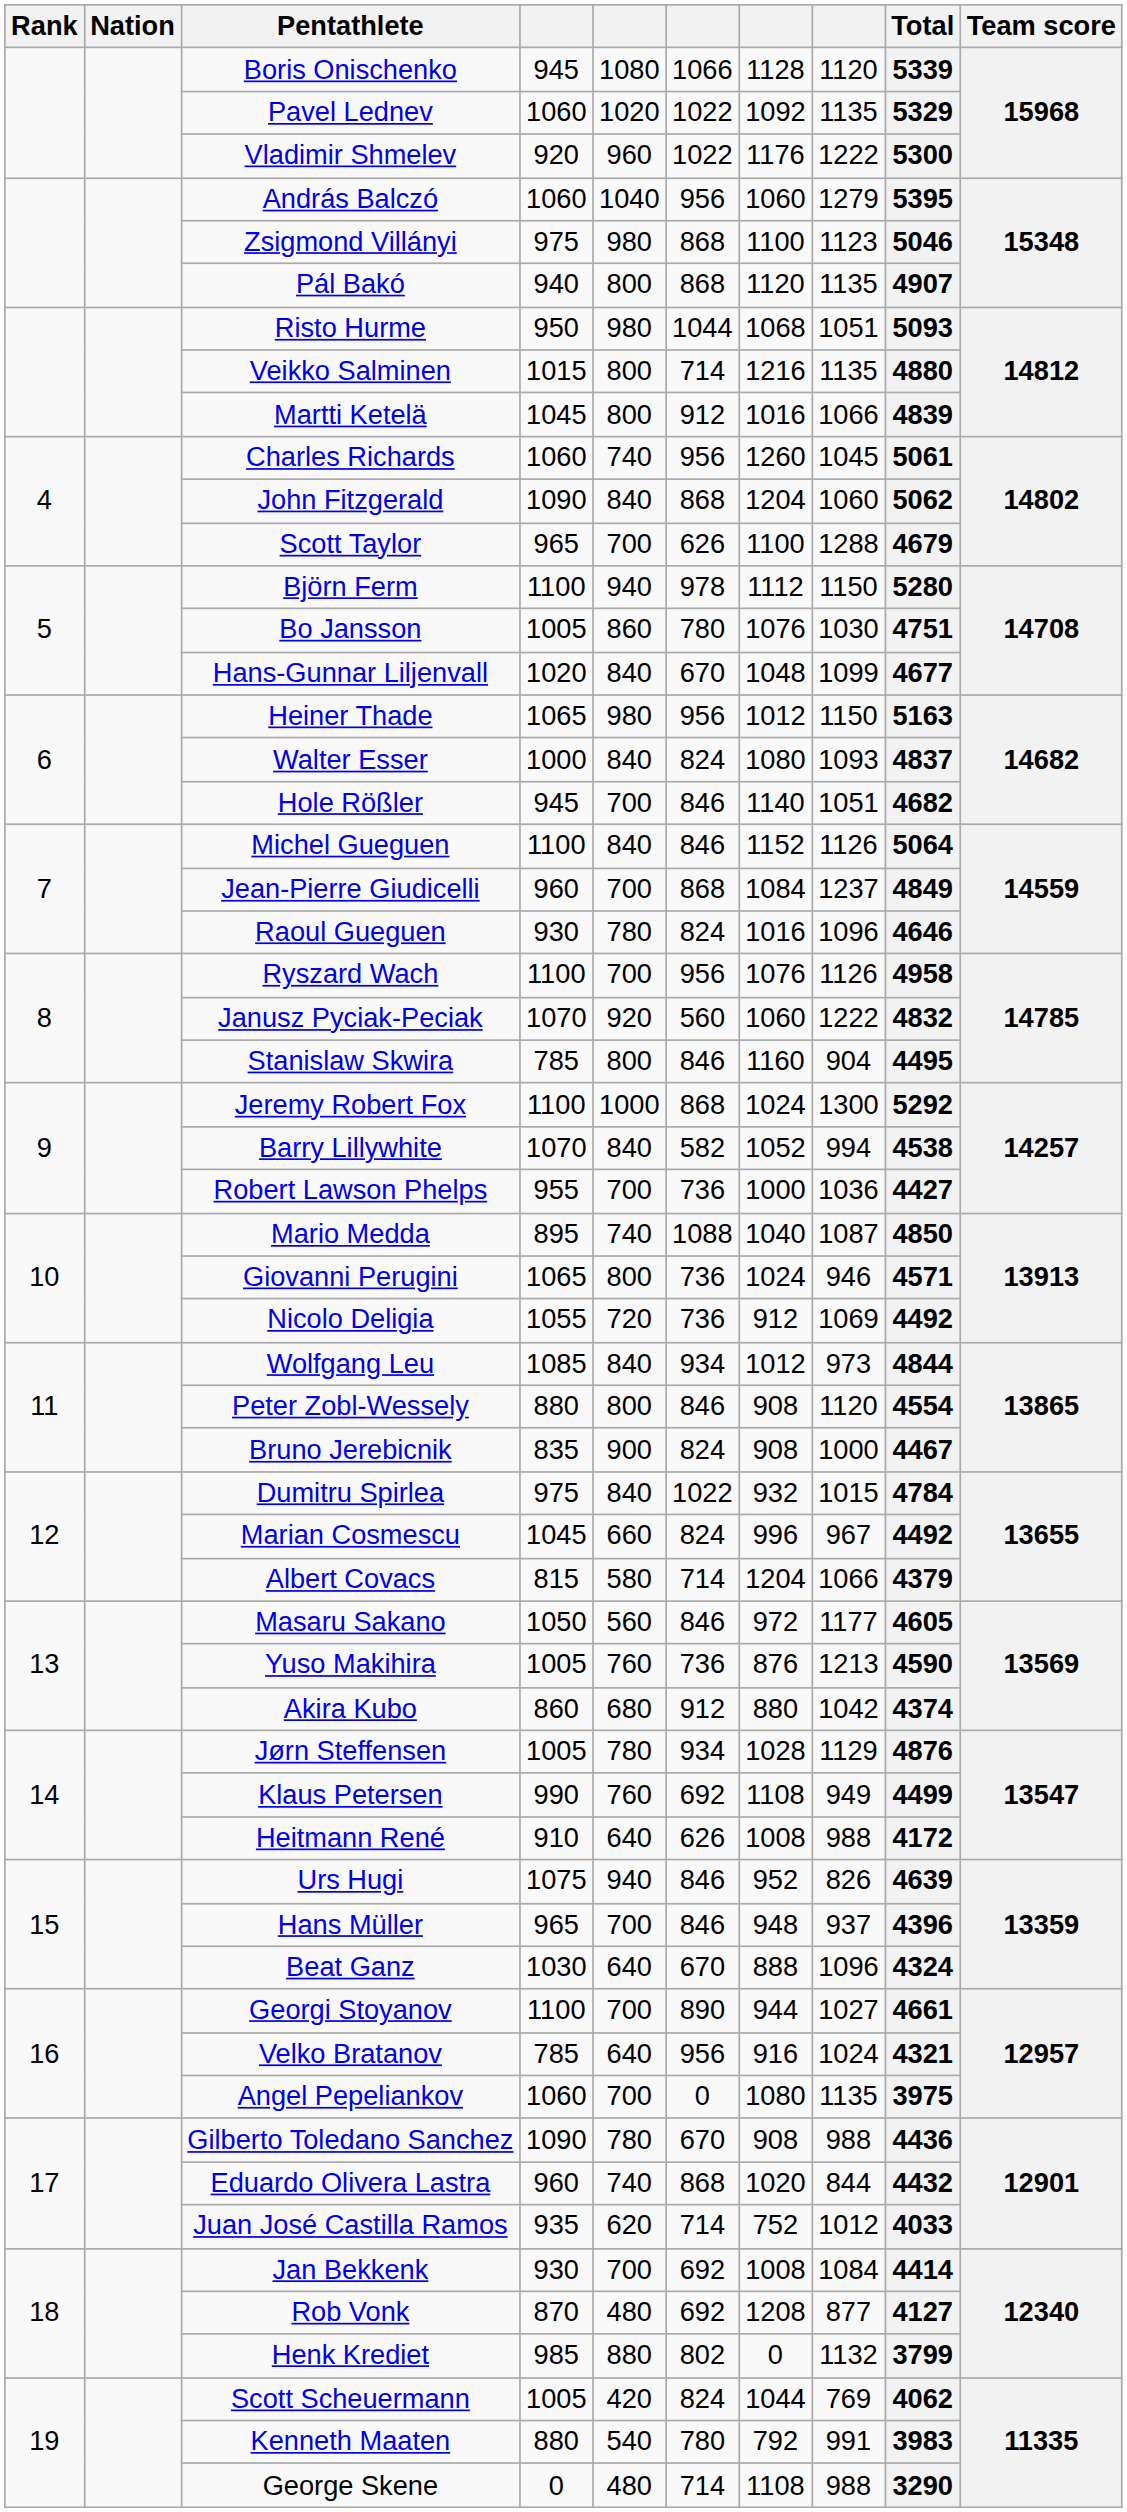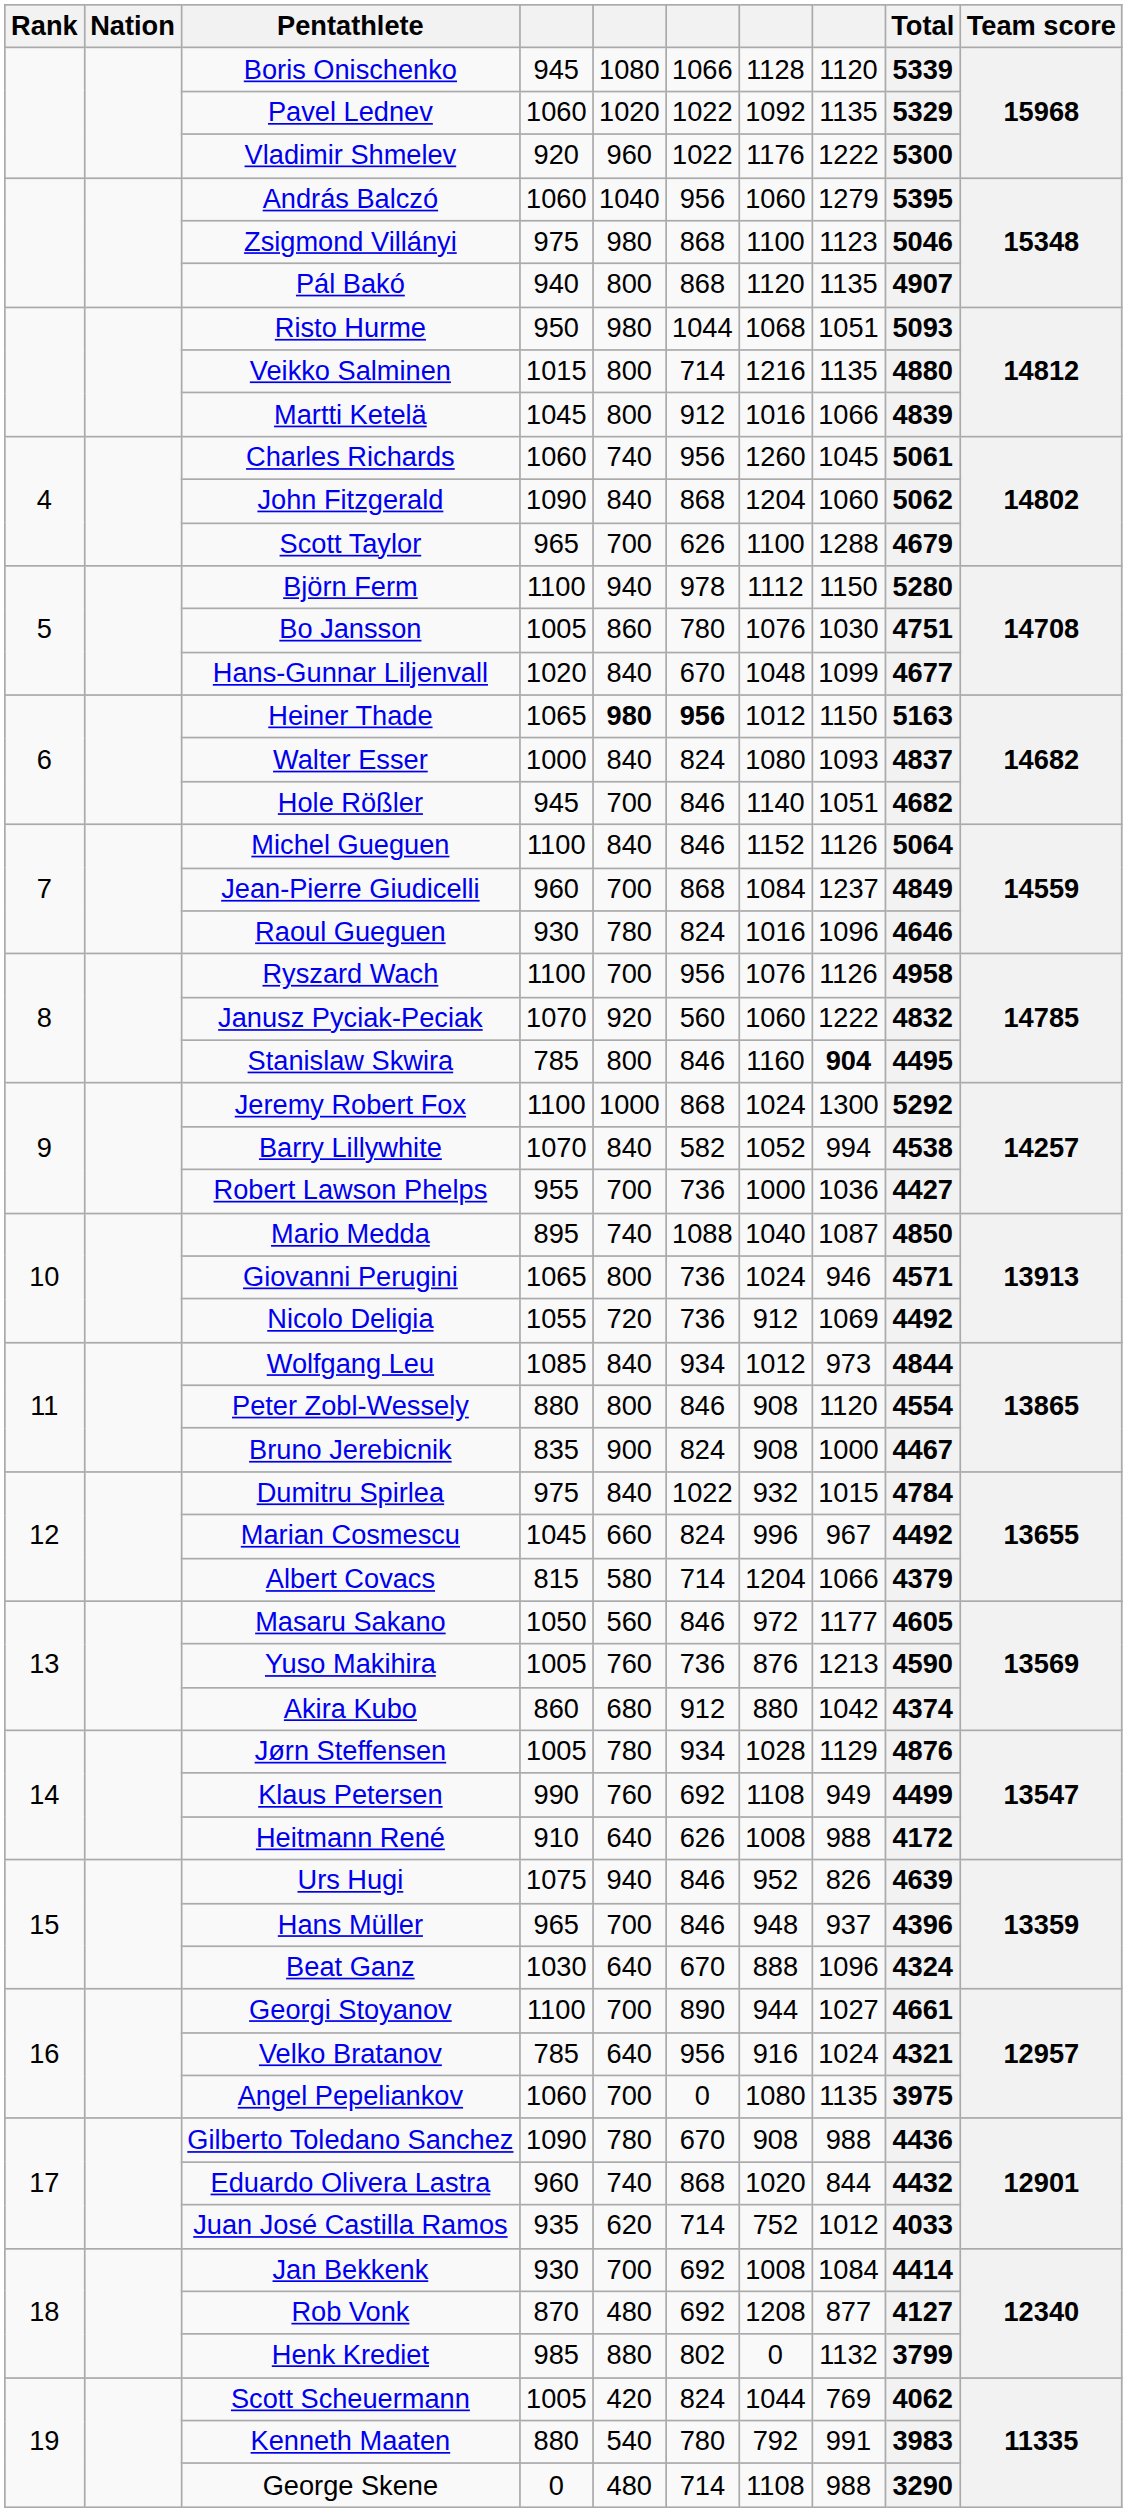 <table class="wikitable sortable" style=text-align:center>
 <tr>
 <th>Rank</th>
 <th>Nation</th>
 <th>Pentathlete</th>
 <th></th>
 <th></th>
 <th></th>
 <th></th>
 <th></th>
 <th>Total</th>
 <th>Team score</th>
 </tr>
 <tr>
 <td rowspan="3"></td>
 <td rowspan="3"></td>
 <td><a href='#'>Boris Onischenko</a></td>
 <td>945</td>
 <td>1080</td>
 <td>1066</td>
 <td>1128</td>
 <td>1120</td>
 <th>5339</th>
 <th rowspan="3">15968</th>
 </tr>
 <tr>
 <td><a href='#'>Pavel Lednev</a></td>
 <td>1060</td>
 <td>1020</td>
 <td>1022</td>
 <td>1092</td>
 <td>1135</td>
 <th>5329</th>
 </tr>
 <tr>
 <td><a href='#'>Vladimir Shmelev</a></td>
 <td>920</td>
 <td>960</td>
 <td>1022</td>
 <td>1176</td>
 <td>1222</td>
 <th>5300</th>
 </tr>
 <tr>
 <td rowspan="3"></td>
 <td rowspan="3"></td>
 <td><a href='#'>András Balczó</a></td>
 <td>1060</td>
 <td>1040</td>
 <td>956</td>
 <td>1060</td>
 <td>1279</td>
 <th>5395</th>
 <th rowspan="3">15348</th>
 </tr>
 <tr>
 <td><a href='#'>Zsigmond Villányi</a></td>
 <td>975</td>
 <td>980</td>
 <td>868</td>
 <td>1100</td>
 <td>1123</td>
 <th>5046</th>
 </tr>
 <tr>
 <td><a href='#'>Pál Bakó</a></td>
 <td>940</td>
 <td>800</td>
 <td>868</td>
 <td>1120</td>
 <td>1135</td>
 <th>4907</th>
 </tr>
 <tr>
 <td rowspan="3"></td>
 <td rowspan="3"></td>
 <td><a href='#'>Risto Hurme</a></td>
 <td>950</td>
 <td>980</td>
 <td>1044</td>
 <td>1068</td>
 <td>1051</td>
 <th>5093</th>
 <th rowspan="3">14812</th>
 </tr>
 <tr>
 <td><a href='#'>Veikko Salminen</a></td>
 <td>1015</td>
 <td>800</td>
 <td>714</td>
 <td>1216</td>
 <td>1135</td>
 <th>4880</th>
 </tr>
 <tr>
 <td><a href='#'>Martti Ketelä</a></td>
 <td>1045</td>
 <td>800</td>
 <td>912</td>
 <td>1016</td>
 <td>1066</td>
 <th>4839</th>
 </tr>
 <tr>
 <td rowspan="3">4</td>
 <td rowspan="3"></td>
 <td><a href='#'>Charles Richards</a></td>
 <td>1060</td>
 <td>740</td>
 <td>956</td>
 <td>1260</td>
 <td>1045</td>
 <th>5061</th>
 <th rowspan="3">14802</th>
 </tr>
 <tr>
 <td><a href='#'>John Fitzgerald</a></td>
 <td>1090</td>
 <td>840</td>
 <td>868</td>
 <td>1204</td>
 <td>1060</td>
 <th>5062</th>
 </tr>
 <tr>
 <td><a href='#'>Scott Taylor</a></td>
 <td>965</td>
 <td>700</td>
 <td>626</td>
 <td>1100</td>
 <td>1288</td>
 <th>4679</th>
 </tr>
 <tr>
 <td rowspan="3">5</td>
 <td rowspan="3"></td>
 <td><a href='#'>Björn Ferm</a></td>
 <td>1100</td>
 <td>940</td>
 <td>978</td>
 <td>1112</td>
 <td>1150</td>
 <th>5280</th>
 <th rowspan="3">14708</th>
 </tr>
 <tr>
 <td><a href='#'>Bo Jansson</a></td>
 <td>1005</td>
 <td>860</td>
 <td>780</td>
 <td>1076</td>
 <td>1030</td>
 <th>4751</th>
 </tr>
 <tr>
 <td><a href='#'>Hans-Gunnar Liljenvall</a></td>
 <td>1020</td>
 <td>840</td>
 <td>670</td>
 <td>1048</td>
 <td>1099</td>
 <th>4677</th>
 </tr>
 <tr>
 <td rowspan="3">6</td>
 <td rowspan="3"></td>
 <td><a href='#'>Heiner Thade</a></td>
 <td>1065</td>
-<td>980</td>
-<td>956</td>
+<td><strong>980</strong></td>
+<td><strong>956</strong></td>
 <td>1012</td>
 <td>1150</td>
 <th>5163</th>
 <th rowspan="3">14682</th>
 </tr>
 <tr>
 <td><a href='#'>Walter Esser</a></td>
 <td>1000</td>
 <td>840</td>
 <td>824</td>
 <td>1080</td>
 <td>1093</td>
 <th>4837</th>
 </tr>
 <tr>
 <td><a href='#'>Hole Rößler</a></td>
 <td>945</td>
 <td>700</td>
 <td>846</td>
 <td>1140</td>
 <td>1051</td>
 <th>4682</th>
 </tr>
 <tr>
 <td rowspan="3">7</td>
 <td rowspan="3"></td>
 <td><a href='#'>Michel Gueguen</a></td>
 <td>1100</td>
 <td>840</td>
 <td>846</td>
 <td>1152</td>
 <td>1126</td>
 <th>5064</th>
 <th rowspan="3">14559</th>
 </tr>
 <tr>
 <td><a href='#'>Jean-Pierre Giudicelli</a></td>
 <td>960</td>
 <td>700</td>
 <td>868</td>
 <td>1084</td>
 <td>1237</td>
 <th>4849</th>
 </tr>
 <tr>
 <td><a href='#'>Raoul Gueguen</a></td>
 <td>930</td>
 <td>780</td>
 <td>824</td>
 <td>1016</td>
 <td>1096</td>
 <th>4646</th>
 </tr>
 <tr>
 <td rowspan="3">8</td>
 <td rowspan="3"></td>
 <td><a href='#'>Ryszard Wach</a></td>
 <td>1100</td>
 <td>700</td>
 <td>956</td>
 <td>1076</td>
 <td>1126</td>
 <th>4958</th>
 <th rowspan="3">14785</th>
 </tr>
 <tr>
 <td><a href='#'>Janusz Pyciak-Peciak</a></td>
 <td>1070</td>
 <td>920</td>
 <td>560</td>
 <td>1060</td>
 <td>1222</td>
 <th>4832</th>
 </tr>
 <tr>
 <td><a href='#'>Stanislaw Skwira</a></td>
 <td>785</td>
 <td>800</td>
 <td>846</td>
 <td>1160</td>
-<td>904</td>
+<td><strong>904</strong></td>
 <th>4495</th>
 </tr>
 <tr>
 <td rowspan="3">9</td>
 <td rowspan="3"></td>
 <td><a href='#'>Jeremy Robert Fox</a></td>
 <td>1100</td>
 <td>1000</td>
 <td>868</td>
 <td>1024</td>
 <td>1300</td>
 <th>5292</th>
 <th rowspan="3">14257</th>
 </tr>
 <tr>
 <td><a href='#'>Barry Lillywhite</a></td>
 <td>1070</td>
 <td>840</td>
 <td>582</td>
 <td>1052</td>
 <td>994</td>
 <th>4538</th>
 </tr>
 <tr>
 <td><a href='#'>Robert Lawson Phelps</a></td>
 <td>955</td>
 <td>700</td>
 <td>736</td>
 <td>1000</td>
 <td>1036</td>
 <th>4427</th>
 </tr>
 <tr>
 <td rowspan="3">10</td>
 <td rowspan="3"></td>
 <td><a href='#'>Mario Medda</a></td>
 <td>895</td>
 <td>740</td>
 <td>1088</td>
 <td>1040</td>
 <td>1087</td>
 <th>4850</th>
 <th rowspan="3">13913</th>
 </tr>
 <tr>
 <td><a href='#'>Giovanni Perugini</a></td>
 <td>1065</td>
 <td>800</td>
 <td>736</td>
 <td>1024</td>
 <td>946</td>
 <th>4571</th>
 </tr>
 <tr>
 <td><a href='#'>Nicolo Deligia</a></td>
 <td>1055</td>
 <td>720</td>
 <td>736</td>
 <td>912</td>
 <td>1069</td>
 <th>4492</th>
 </tr>
 <tr>
 <td rowspan="3">11</td>
 <td rowspan="3"></td>
 <td><a href='#'>Wolfgang Leu</a></td>
 <td>1085</td>
 <td>840</td>
 <td>934</td>
 <td>1012</td>
 <td>973</td>
 <th>4844</th>
 <th rowspan="3">13865</th>
 </tr>
 <tr>
 <td><a href='#'>Peter Zobl-Wessely</a></td>
 <td>880</td>
 <td>800</td>
 <td>846</td>
 <td>908</td>
 <td>1120</td>
 <th>4554</th>
 </tr>
 <tr>
 <td><a href='#'>Bruno Jerebicnik</a></td>
 <td>835</td>
 <td>900</td>
 <td>824</td>
 <td>908</td>
 <td>1000</td>
 <th>4467</th>
 </tr>
 <tr>
 <td rowspan="3">12</td>
 <td rowspan="3"></td>
 <td><a href='#'>Dumitru Spirlea</a></td>
 <td>975</td>
 <td>840</td>
 <td>1022</td>
 <td>932</td>
 <td>1015</td>
 <th>4784</th>
 <th rowspan="3">13655</th>
 </tr>
 <tr>
 <td><a href='#'>Marian Cosmescu</a></td>
 <td>1045</td>
 <td>660</td>
 <td>824</td>
 <td>996</td>
 <td>967</td>
 <th>4492</th>
 </tr>
 <tr>
 <td><a href='#'>Albert Covacs</a></td>
 <td>815</td>
 <td>580</td>
 <td>714</td>
 <td>1204</td>
 <td>1066</td>
 <th>4379</th>
 </tr>
 <tr>
 <td rowspan="3">13</td>
 <td rowspan="3"></td>
 <td><a href='#'>Masaru Sakano</a></td>
 <td>1050</td>
 <td>560</td>
 <td>846</td>
 <td>972</td>
 <td>1177</td>
 <th>4605</th>
 <th rowspan="3">13569</th>
 </tr>
 <tr>
 <td><a href='#'>Yuso Makihira</a></td>
 <td>1005</td>
 <td>760</td>
 <td>736</td>
 <td>876</td>
 <td>1213</td>
 <th>4590</th>
 </tr>
 <tr>
 <td><a href='#'>Akira Kubo</a></td>
 <td>860</td>
 <td>680</td>
 <td>912</td>
 <td>880</td>
 <td>1042</td>
 <th>4374</th>
 </tr>
 <tr>
 <td rowspan="3">14</td>
 <td rowspan="3"></td>
 <td><a href='#'>Jørn Steffensen</a></td>
 <td>1005</td>
 <td>780</td>
 <td>934</td>
 <td>1028</td>
 <td>1129</td>
 <th>4876</th>
 <th rowspan="3">13547</th>
 </tr>
 <tr>
 <td><a href='#'>Klaus Petersen</a></td>
 <td>990</td>
 <td>760</td>
 <td>692</td>
 <td>1108</td>
 <td>949</td>
 <th>4499</th>
 </tr>
 <tr>
 <td><a href='#'>Heitmann René</a></td>
 <td>910</td>
 <td>640</td>
 <td>626</td>
 <td>1008</td>
 <td>988</td>
 <th>4172</th>
 </tr>
 <tr>
 <td rowspan="3">15</td>
 <td rowspan="3"></td>
 <td><a href='#'>Urs Hugi</a></td>
 <td>1075</td>
 <td>940</td>
 <td>846</td>
 <td>952</td>
 <td>826</td>
 <th>4639</th>
 <th rowspan="3">13359</th>
 </tr>
 <tr>
 <td><a href='#'>Hans Müller</a></td>
 <td>965</td>
 <td>700</td>
 <td>846</td>
 <td>948</td>
 <td>937</td>
 <th>4396</th>
 </tr>
 <tr>
 <td><a href='#'>Beat Ganz</a></td>
 <td>1030</td>
 <td>640</td>
 <td>670</td>
 <td>888</td>
 <td>1096</td>
 <th>4324</th>
 </tr>
 <tr>
 <td rowspan="3">16</td>
 <td rowspan="3"></td>
 <td><a href='#'>Georgi Stoyanov</a></td>
 <td>1100</td>
 <td>700</td>
 <td>890</td>
 <td>944</td>
 <td>1027</td>
 <th>4661</th>
 <th rowspan="3">12957</th>
 </tr>
 <tr>
 <td><a href='#'>Velko Bratanov</a></td>
 <td>785</td>
 <td>640</td>
 <td>956</td>
 <td>916</td>
 <td>1024</td>
 <th>4321</th>
 </tr>
 <tr>
 <td><a href='#'>Angel Pepeliankov</a></td>
 <td>1060</td>
 <td>700</td>
 <td>0</td>
 <td>1080</td>
 <td>1135</td>
 <th>3975</th>
 </tr>
 <tr>
 <td rowspan="3">17</td>
 <td rowspan="3"></td>
 <td><a href='#'>Gilberto Toledano Sanchez</a></td>
 <td>1090</td>
 <td>780</td>
 <td>670</td>
 <td>908</td>
 <td>988</td>
 <th>4436</th>
 <th rowspan="3">12901</th>
 </tr>
 <tr>
 <td><a href='#'>Eduardo Olivera Lastra</a></td>
 <td>960</td>
 <td>740</td>
 <td>868</td>
 <td>1020</td>
 <td>844</td>
 <th>4432</th>
 </tr>
 <tr>
 <td><a href='#'>Juan José Castilla Ramos</a></td>
 <td>935</td>
 <td>620</td>
 <td>714</td>
 <td>752</td>
 <td>1012</td>
 <th>4033</th>
 </tr>
 <tr>
 <td rowspan="3">18</td>
 <td rowspan="3"></td>
 <td><a href='#'>Jan Bekkenk</a></td>
 <td>930</td>
 <td>700</td>
 <td>692</td>
 <td>1008</td>
 <td>1084</td>
 <th>4414</th>
 <th rowspan="3">12340</th>
 </tr>
 <tr>
 <td><a href='#'>Rob Vonk</a></td>
 <td>870</td>
 <td>480</td>
 <td>692</td>
 <td>1208</td>
 <td>877</td>
 <th>4127</th>
 </tr>
 <tr>
 <td><a href='#'>Henk Krediet</a></td>
 <td>985</td>
 <td>880</td>
 <td>802</td>
 <td>0</td>
 <td>1132</td>
 <th>3799</th>
 </tr>
 <tr>
 <td rowspan="3">19</td>
 <td rowspan="3"></td>
 <td><a href='#'>Scott Scheuermann</a></td>
 <td>1005</td>
 <td>420</td>
 <td>824</td>
 <td>1044</td>
 <td>769</td>
 <th>4062</th>
 <th rowspan="3">11335</th>
 </tr>
 <tr>
 <td><a href='#'>Kenneth Maaten</a></td>
 <td>880</td>
 <td>540</td>
 <td>780</td>
 <td>792</td>
 <td>991</td>
 <th>3983</th>
 </tr>
 <tr>
 <td>George Skene</td>
 <td>0</td>
 <td>480</td>
 <td>714</td>
 <td>1108</td>
 <td>988</td>
 <th>3290</th>
 </tr>
 </table>
